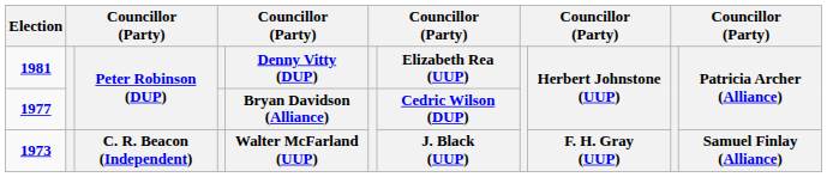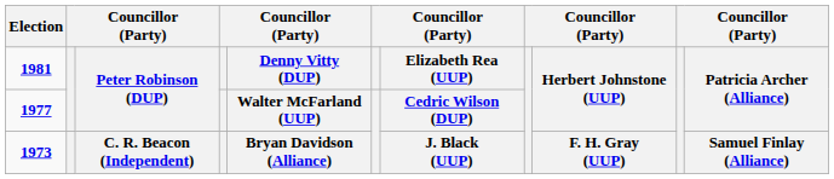 <table class="wikitable" style="text-align:center">
 <tr>
 <th scope="col" width="50">Election</th>
 <th scope="col" width="150" colspan = "2">Councillor<br> (Party)</th>
 <th scope="col" width="150" colspan = "2">Councillor<br> (Party)</th>
 <th scope="col" width="150" colspan = "2">Councillor<br> (Party)</th>
 <th scope="col" width="150" colspan = "2">Councillor<br> (Party)</th>
 <th scope="col" width="150" colspan = "2">Councillor<br> (Party)</th>
 </tr>
 <tr>
 <td><strong><a href='#'>1981</a></strong></td>
 <th rowspan="2" width="1" style="background-color: "></th>
 <th rowspan = "2"><a href='#'>Peter Robinson</a> <br> (<a href='#'>DUP</a>)</th>
 <th rowspan="1" width="1" style="background-color: "></th>
 <th rowspan = "1"><a href='#'>Denny Vitty</a> <br> (<a href='#'>DUP</a>)</th>
 <th rowspan="1" width="1" style="background-color: "></th>
 <th rowspan = "1">Elizabeth Rea <br> (<a href='#'>UUP</a>)</th>
 <th rowspan="3" width="1" style="background-color: "></th>
 <th rowspan = "2">Herbert Johnstone <br> (<a href='#'>UUP</a>)</th>
 <th rowspan="3" width="1" style="background-color: "></th>
 <th rowspan = "2">Patricia Archer <br> (<a href='#'>Alliance</a>)</th>
 </tr>
 <tr>
 <td><strong><a href='#'>1977</a></strong></td>
 <th rowspan="1" width="1" style="background-color: "></th>
-<th rowspan = "1">Bryan Davidson <br> (<a href='#'>Alliance</a>)</th>
+<th rowspan = "1">Walter McFarland <br> (<a href='#'>UUP</a>)</th>
 <th rowspan="2" width="1" style="background-color: "></th>
 <th rowspan = "1"><a href='#'>Cedric Wilson</a> <br> (<a href='#'>DUP</a>)</th>
 </tr>
 <tr>
 <td><strong><a href='#'>1973</a></strong></td>
 <th rowspan="1" width="1" style="background-color: "></th>
 <th rowspan = "1">C. R. Beacon <br> (<a href='#'>Independent</a>)</th>
 <th rowspan="1" width="1" style="background-color: "></th>
-<th rowspan = "1">Walter McFarland <br> (<a href='#'>UUP</a>)</th>
+<th rowspan = "1">Bryan Davidson <br> (<a href='#'>Alliance</a>)</th>
 <th rowspan = "1">J. Black <br> (<a href='#'>UUP</a>)</th>
 <th rowspan = "1">F. H. Gray <br> (<a href='#'>UUP</a>)</th>
 <th rowspan = "1">Samuel Finlay <br> (<a href='#'>Alliance</a>)</th>
 </tr>
 </table>
